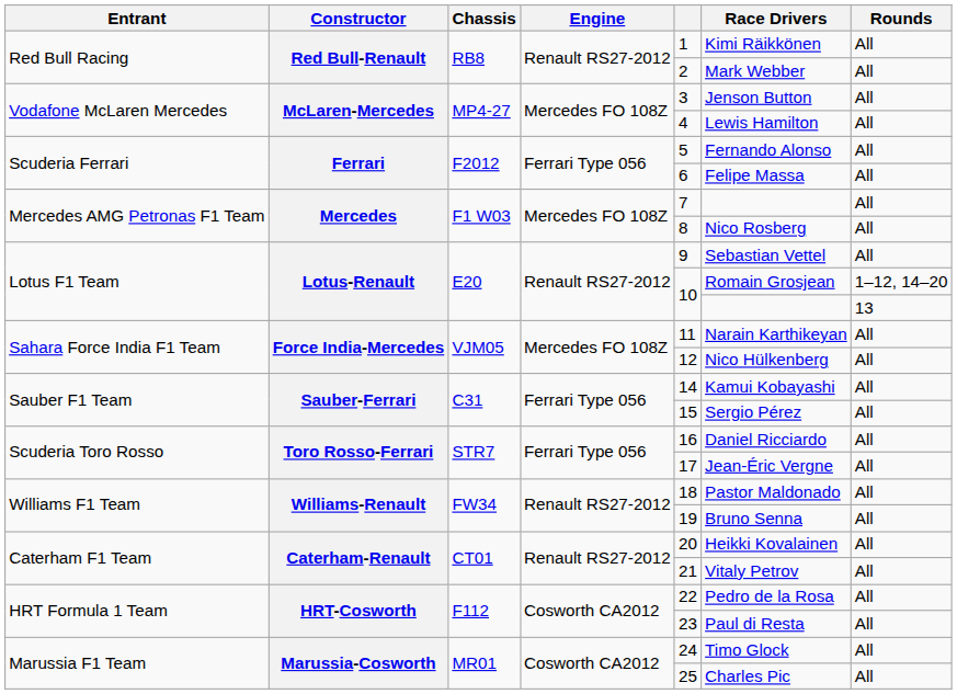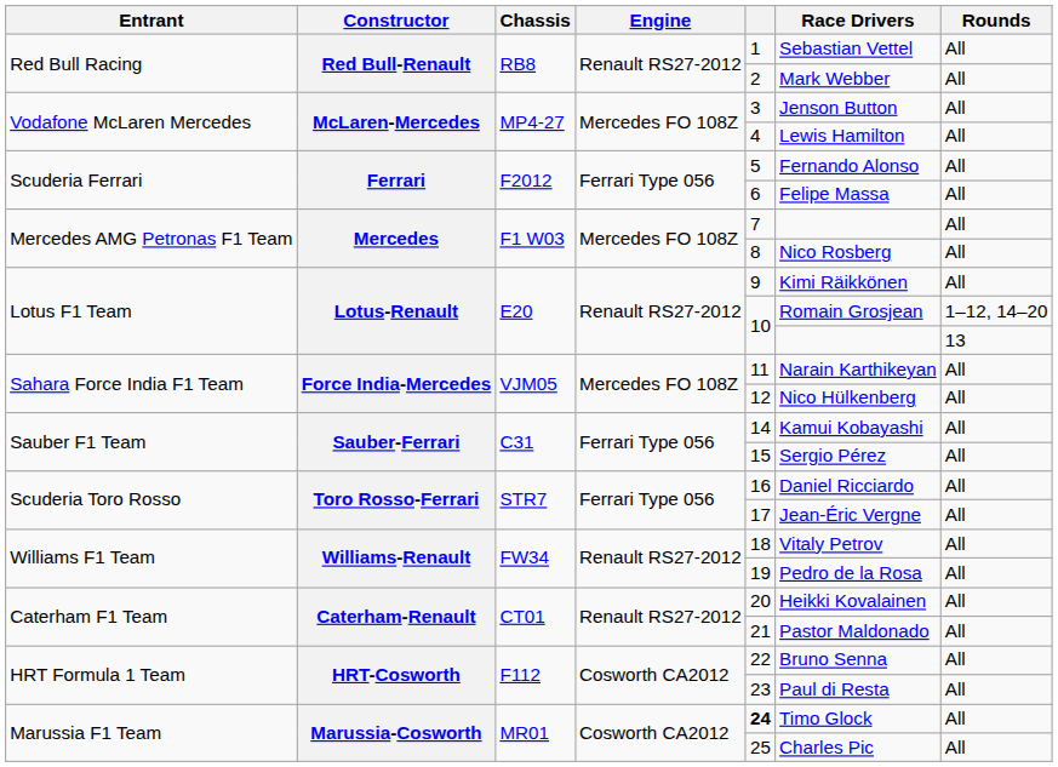 <table class="wikitable sortable" style="font-size: 85%;">
 <tr>
 <th scope="col">Entrant</th>
 <th scope="col"><a href='#'>Constructor</a></th>
 <th scope="col">Chassis</th>
 <th scope="col"><a href='#'>Engine</a></th>
 <th scope="col"></th>
 <th scope="col">Race Drivers</th>
 <th scope="col">Rounds</th>
 </tr>
 <tr>
 <td rowspan="2"> Red Bull Racing</td>
 <th rowspan="2"><a href='#'>Red Bull</a>-<a href='#'>Renault</a></th>
 <td rowspan="2"><a href='#'>RB8</a></td>
 <td rowspan="2" nowrap>Renault RS27-2012</td>
 <td>1</td>
-<td> <a href='#'>Kimi Räikkönen</a></td>
+<td> <a href='#'>Sebastian Vettel</a></td>
 <td>All</td>
 </tr>
 <tr>
 <td>2</td>
 <td> <a href='#'>Mark Webber</a></td>
 <td>All</td>
 </tr>
 <tr>
 <td rowspan="2"> <a href='#'>Vodafone</a> McLaren Mercedes</td>
 <th rowspan="2"><a href='#'>McLaren</a>-<a href='#'>Mercedes</a></th>
 <td rowspan="2"><a href='#'>MP4-27</a></td>
 <td rowspan="2">Mercedes FO 108Z</td>
 <td>3</td>
 <td> <a href='#'>Jenson Button</a></td>
 <td>All</td>
 </tr>
 <tr>
 <td>4</td>
 <td> <a href='#'>Lewis Hamilton</a></td>
 <td>All</td>
 </tr>
 <tr>
 <td rowspan="2"> Scuderia Ferrari</td>
 <th rowspan="2"><a href='#'>Ferrari</a></th>
 <td rowspan="2"><a href='#'>F2012</a></td>
 <td rowspan="2">Ferrari Type 056</td>
 <td>5</td>
 <td> <a href='#'>Fernando Alonso</a></td>
 <td>All</td>
 </tr>
 <tr>
 <td>6</td>
 <td> <a href='#'>Felipe Massa</a></td>
 <td>All</td>
 </tr>
 <tr>
 <td rowspan="2" nowrap=""> Mercedes AMG <a href='#'>Petronas</a> F1 Team</td>
 <th rowspan="2"><a href='#'>Mercedes</a></th>
 <td rowspan="2"><a href='#'>F1 W03</a></td>
 <td rowspan="2">Mercedes FO 108Z</td>
 <td>7</td>
 <td></td>
 <td>All</td>
 </tr>
 <tr>
 <td>8</td>
 <td> <a href='#'>Nico Rosberg</a></td>
 <td>All</td>
 </tr>
 <tr>
 <td rowspan="3"> Lotus F1 Team</td>
 <th rowspan="3"><a href='#'>Lotus</a>-<a href='#'>Renault</a></th>
 <td rowspan="3"><a href='#'>E20</a></td>
 <td rowspan="3">Renault RS27-2012</td>
 <td>9</td>
-<td> <a href='#'>Sebastian Vettel</a></td>
+<td> <a href='#'>Kimi Räikkönen</a></td>
 <td>All</td>
 </tr>
 <tr>
 <td rowspan="2">10</td>
 <td> <a href='#'>Romain Grosjean</a></td>
 <td nowrap>1–12, 14–20</td>
 </tr>
 <tr>
 <td> </td>
 <td>13</td>
 </tr>
 <tr>
 <td rowspan="2"> <a href='#'>Sahara</a> Force India F1 Team</td>
 <th rowspan="2" nowrap><a href='#'>Force India</a>-<a href='#'>Mercedes</a></th>
 <td rowspan="2"><a href='#'>VJM05</a></td>
 <td rowspan="2">Mercedes FO 108Z</td>
 <td>11</td>
 <td> <a href='#'>Narain Karthikeyan</a></td>
 <td>All</td>
 </tr>
 <tr>
 <td>12</td>
 <td> <a href='#'>Nico Hülkenberg</a></td>
 <td>All</td>
 </tr>
 <tr>
 <td rowspan="2"> Sauber F1 Team</td>
 <th rowspan="2"><a href='#'>Sauber</a>-<a href='#'>Ferrari</a></th>
 <td rowspan="2"><a href='#'>C31</a></td>
 <td rowspan="2">Ferrari Type 056</td>
 <td>14</td>
 <td> <a href='#'>Kamui Kobayashi</a></td>
 <td>All</td>
 </tr>
 <tr>
 <td>15</td>
 <td> <a href='#'>Sergio Pérez</a></td>
 <td>All</td>
 </tr>
 <tr>
 <td rowspan="2"> Scuderia Toro Rosso</td>
 <th rowspan="2"><a href='#'>Toro Rosso</a>-<a href='#'>Ferrari</a></th>
 <td rowspan="2"><a href='#'>STR7</a></td>
 <td rowspan="2">Ferrari Type 056</td>
 <td>16</td>
 <td> <a href='#'>Daniel Ricciardo</a></td>
 <td>All</td>
 </tr>
 <tr>
 <td>17</td>
 <td> <a href='#'>Jean-Éric Vergne</a></td>
 <td>All</td>
 </tr>
 <tr>
 <td rowspan="2"> Williams F1 Team</td>
 <th rowspan="2"><a href='#'>Williams</a>-<a href='#'>Renault</a></th>
 <td rowspan="2"><a href='#'>FW34</a></td>
 <td rowspan="2">Renault RS27-2012</td>
 <td>18</td>
-<td> <a href='#'>Pastor Maldonado</a></td>
+<td> <a href='#'>Vitaly Petrov</a></td>
 <td>All</td>
 </tr>
 <tr>
 <td>19</td>
-<td> <a href='#'>Bruno Senna</a></td>
+<td> <a href='#'>Pedro de la Rosa</a></td>
 <td>All</td>
 </tr>
 <tr>
 <td rowspan="2"> Caterham F1 Team</td>
 <th rowspan="2"><a href='#'>Caterham</a>-<a href='#'>Renault</a></th>
 <td rowspan="2"><a href='#'>CT01</a></td>
 <td rowspan="2">Renault RS27-2012</td>
 <td>20</td>
 <td> <a href='#'>Heikki Kovalainen</a></td>
 <td>All</td>
 </tr>
 <tr>
 <td>21</td>
-<td> <a href='#'>Vitaly Petrov</a></td>
+<td> <a href='#'>Pastor Maldonado</a></td>
 <td>All</td>
 </tr>
 <tr>
 <td rowspan="2"> HRT Formula 1 Team</td>
 <th rowspan="2"><a href='#'>HRT</a>-<a href='#'>Cosworth</a></th>
 <td rowspan="2"><a href='#'>F112</a></td>
 <td rowspan="2">Cosworth CA2012</td>
 <td>22</td>
-<td> <a href='#'>Pedro de la Rosa</a></td>
+<td> <a href='#'>Bruno Senna</a></td>
 <td>All</td>
 </tr>
 <tr>
 <td>23</td>
 <td> <a href='#'>Paul di Resta</a></td>
 <td>All</td>
 </tr>
 <tr>
 <td rowspan="2"> Marussia F1 Team</td>
 <th rowspan="2"><a href='#'>Marussia</a>-<a href='#'>Cosworth</a></th>
 <td rowspan="2"><a href='#'>MR01</a></td>
 <td rowspan="2">Cosworth CA2012</td>
-<td>24</td>
+<td><strong>24</strong></td>
 <td> <a href='#'>Timo Glock</a></td>
 <td>All</td>
 </tr>
 <tr>
 <td>25</td>
 <td> <a href='#'>Charles Pic</a></td>
 <td>All</td>
 </tr>
 </table>
